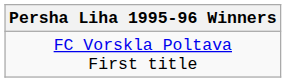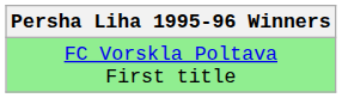 <table class="wikitable" style="text-align: center; margin: 0 auto;">
 <tr>
 <th>Persha Liha 1995-96 Winners</th>
 </tr>
 <tr>
-<td><a href='#'>FC Vorskla Poltava</a><br>First title</td>
+<td style="background: lightgreen;"><a href='#'>FC Vorskla Poltava</a><br>First title</td>
 </tr>
 </table>
